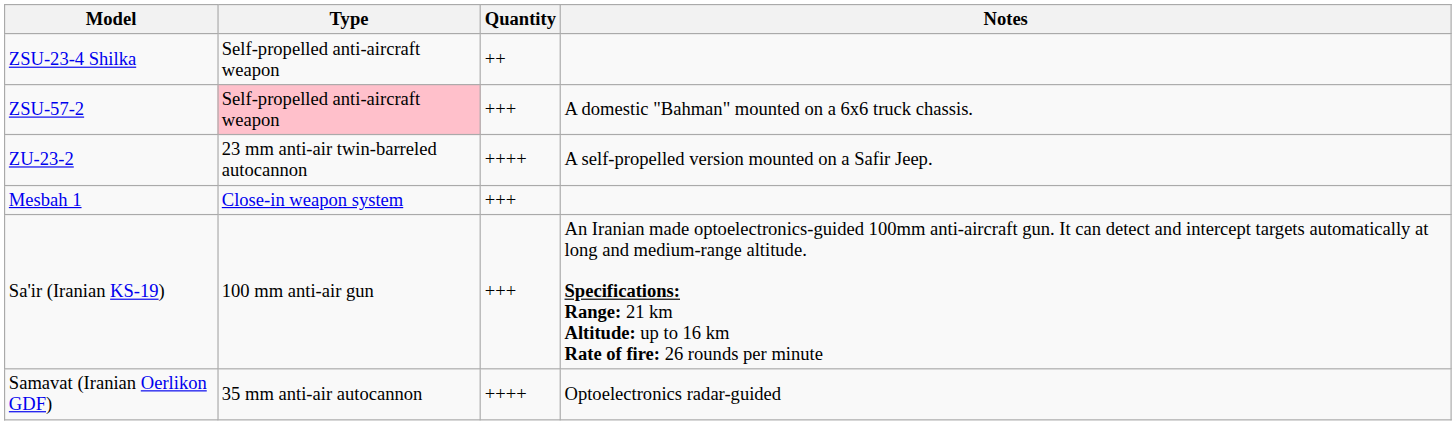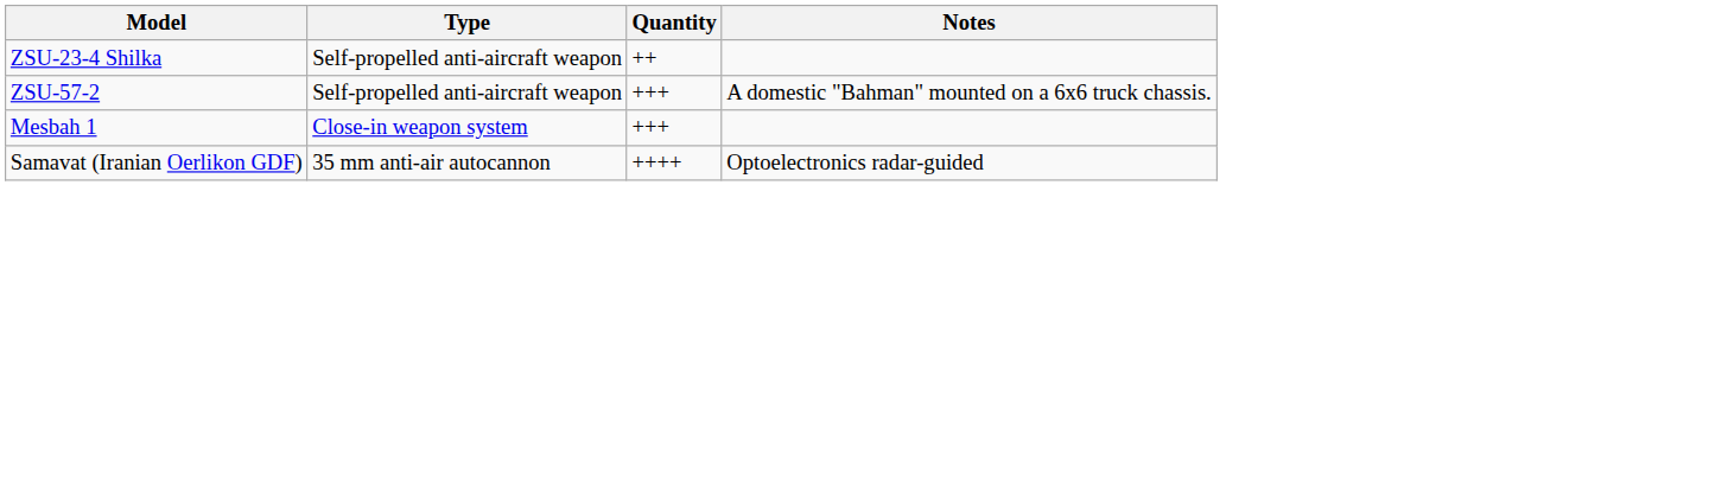 <table class="wikitable">
 <tr>
 <th>Model</th>
 <th>Type</th>
 <th>Quantity</th>
 <th>Notes</th>
 </tr>
 <tr>
 <td><a href='#'>ZSU-23-4 Shilka</a></td>
 <td>Self-propelled anti-aircraft weapon</td>
 <td>++</td>
 <td></td>
 </tr>
 <tr>
 <td><a href='#'>ZSU-57-2</a></td>
-<td style="background: pink;">Self-propelled anti-aircraft weapon</td>
+<td>Self-propelled anti-aircraft weapon</td>
 <td>+++</td>
 <td>A domestic "Bahman" mounted on a 6x6 truck chassis.</td>
-</tr>
-<tr>
-<td><a href='#'>ZU-23-2</a></td>
-<td>23 mm anti-air twin-barreled autocannon</td>
-<td>++++</td>
-<td>A self-propelled version mounted on a Safir Jeep.</td>
 </tr>
 <tr>
 <td><a href='#'>Mesbah 1</a></td>
 <td><a href='#'>Close-in weapon system</a></td>
 <td>+++</td>
 <td></td>
 </tr>
 <tr>
-<td>Sa'ir (Iranian <a href='#'>KS-19</a>)</td>
-<td>100 mm anti-air gun</td>
-<td>+++</td>
-<td>An Iranian made optoelectronics-guided 100mm anti-aircraft gun. It can detect and intercept targets automatically at long and medium-range altitude.<br><br><strong><u>Specifications:</u></strong><br> <strong>Range:</strong> 21 km<br> <strong>Altitude:</strong> up to 16 km<br> <strong>Rate of fire:</strong> 26 rounds per minute</td>
-</tr>
-<tr>
 <td>Samavat (Iranian <a href='#'>Oerlikon GDF</a>)</td>
 <td>35 mm anti-air autocannon</td>
 <td>++++</td>
 <td>Optoelectronics radar-guided</td>
 </tr>
 </table>
